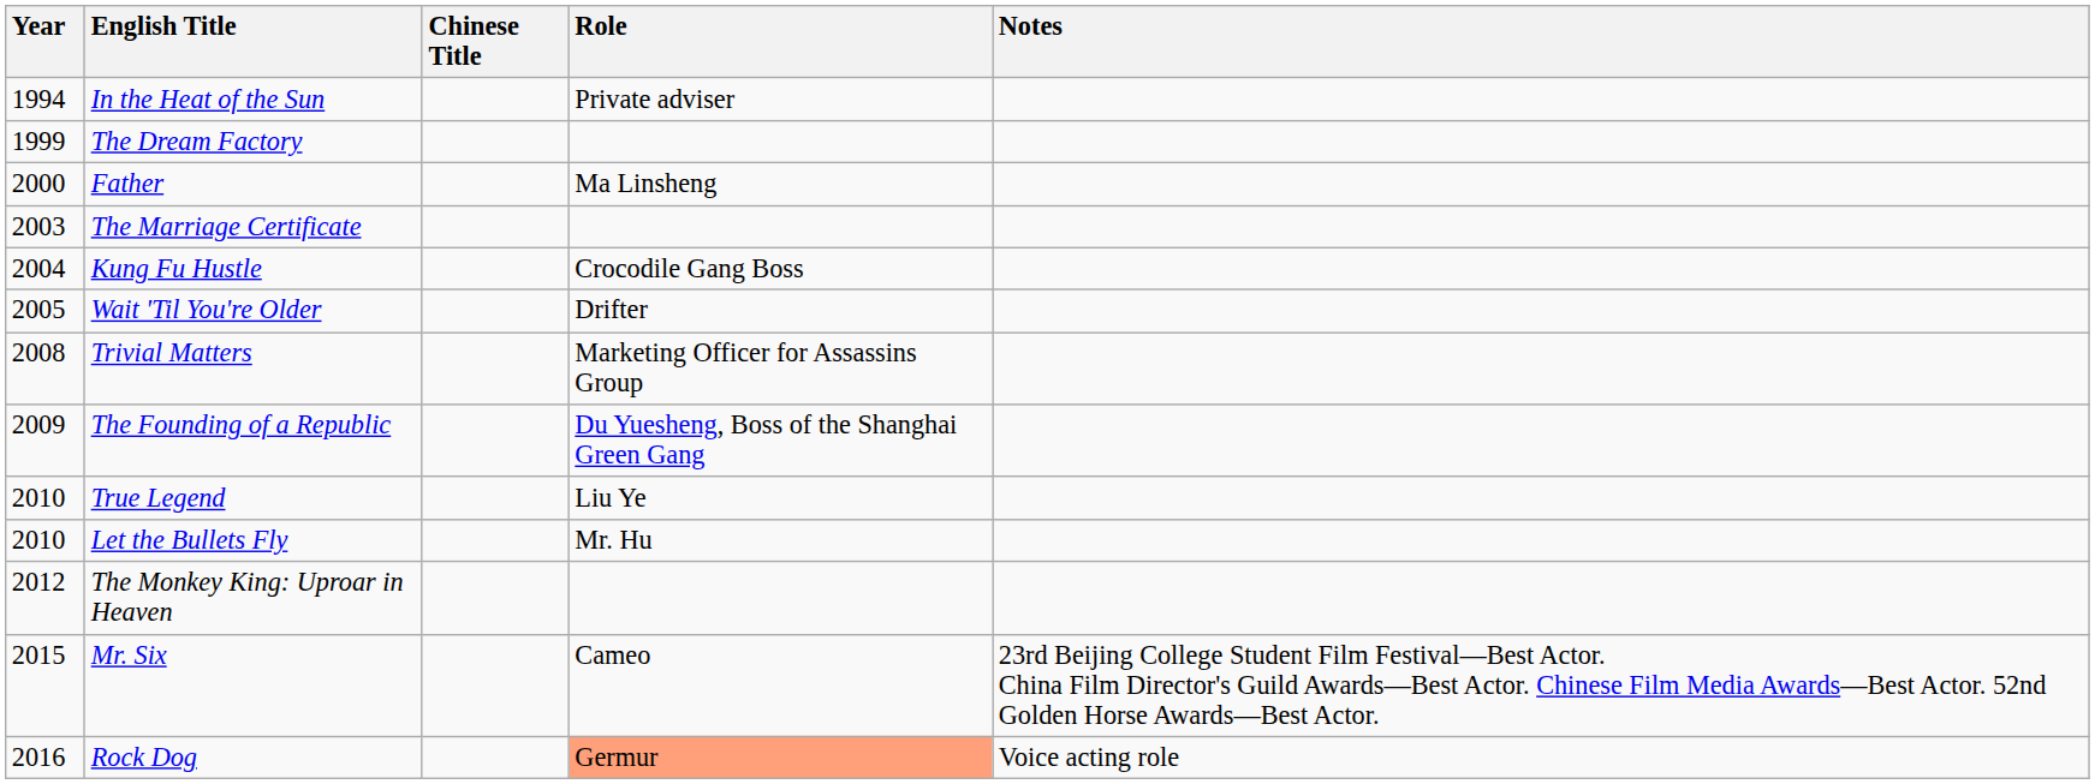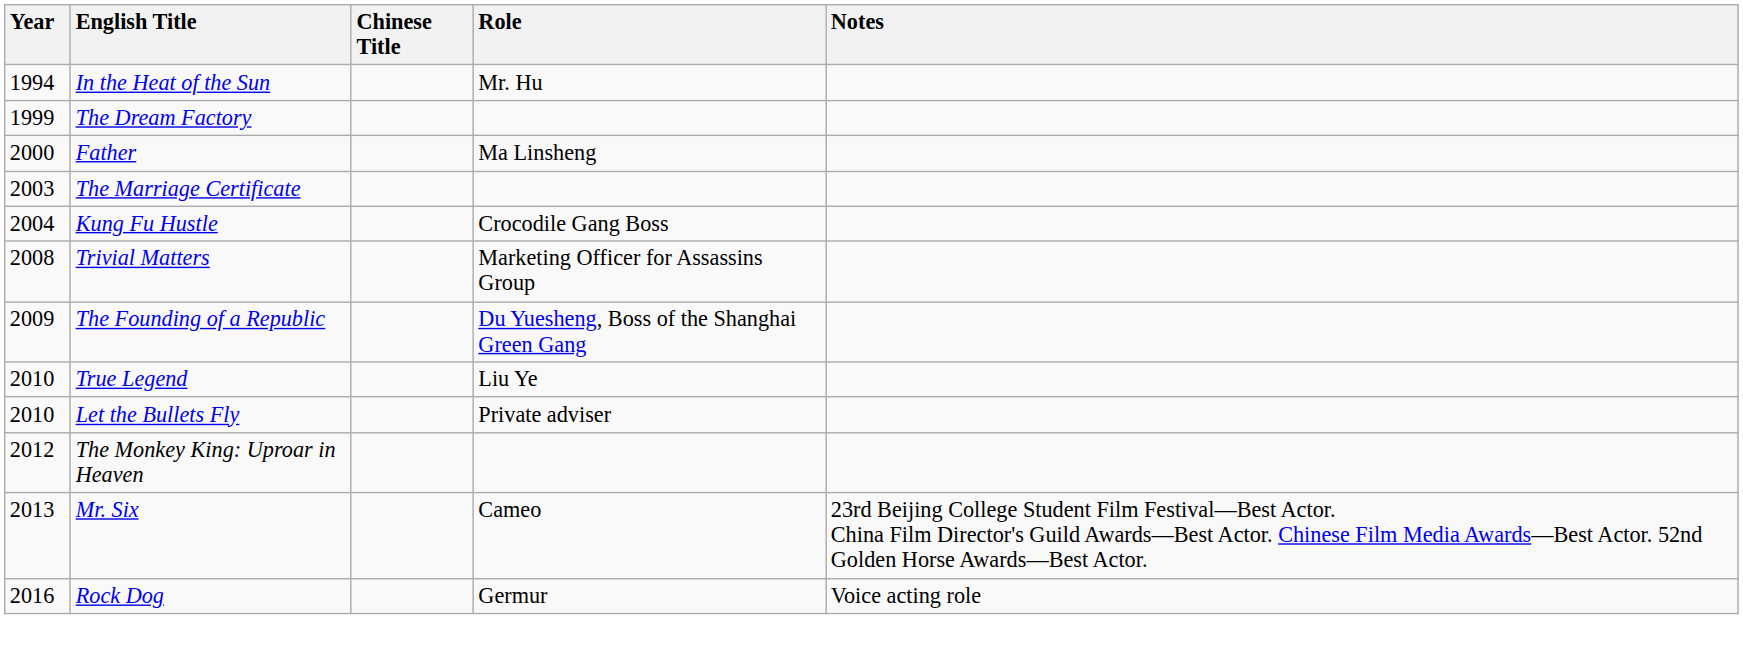 <table class="wikitable">
 <tr>
 <th style="vertical-align:top; text-align:left; width:40px;">Year</th>
 <th style="text-align:left; vertical-align:top;">English Title</th>
 <th style="text-align:left; vertical-align:top;">Chinese Title</th>
 <th style="text-align:left; vertical-align:top;">Role</th>
 <th style="text-align:left; vertical-align:top;">Notes</th>
 </tr>
 <tr>
 <td style="text-align:left; vertical-align:top;">1994</td>
 <td style="text-align:left; vertical-align:top;"><em><a href='#'>In the Heat of the Sun</a></em></td>
 <td style="text-align:left; vertical-align:top;"></td>
-<td style="text-align:left; vertical-align:top;">Private adviser</td>
+<td style="text-align:left; vertical-align:top;">Mr. Hu</td>
 <td style="text-align:left; vertical-align:top;"></td>
 </tr>
 <tr>
 <td style="text-align:left; vertical-align:top;">1999</td>
 <td style="text-align:left; vertical-align:top;"><em><a href='#'>The Dream Factory</a></em></td>
 <td style="text-align:left; vertical-align:top;"></td>
 <td style="text-align:left; vertical-align:top;"></td>
 <td style="text-align:left; vertical-align:top;"></td>
 </tr>
 <tr>
 <td style="text-align:left; vertical-align:top;">2000</td>
 <td style="text-align:left; vertical-align:top;"><em><a href='#'>Father</a></em></td>
 <td style="text-align:left; vertical-align:top;"></td>
 <td style="text-align:left; vertical-align:top;">Ma Linsheng</td>
 <td style="text-align:left; vertical-align:top;"></td>
 </tr>
 <tr>
 <td style="text-align:left; vertical-align:top;">2003</td>
 <td style="text-align:left; vertical-align:top;"><em><a href='#'>The Marriage Certificate</a></em></td>
 <td style="text-align:left; vertical-align:top;"></td>
 <td style="text-align:left; vertical-align:top;"></td>
 <td style="text-align:left; vertical-align:top;"></td>
 </tr>
 <tr>
 <td style="text-align:left; vertical-align:top;">2004</td>
 <td style="text-align:left; vertical-align:top;"><em><a href='#'>Kung Fu Hustle</a></em></td>
 <td style="text-align:left; vertical-align:top;"></td>
 <td style="text-align:left; vertical-align:top;">Crocodile Gang Boss</td>
 <td style="text-align:left; vertical-align:top;"></td>
 </tr>
 <tr>
-<td style="text-align:left; vertical-align:top;">2005</td>
-<td style="text-align:left; vertical-align:top;"><em><a href='#'>Wait 'Til You're Older</a></em></td>
-<td style="text-align:left; vertical-align:top;"></td>
-<td style="text-align:left; vertical-align:top;">Drifter</td>
-<td style="text-align:left; vertical-align:top;"></td>
-</tr>
-<tr>
 <td style="text-align:left; vertical-align:top;">2008</td>
 <td style="text-align:left; vertical-align:top;"><em><a href='#'>Trivial Matters</a></em></td>
 <td style="text-align:left; vertical-align:top;"></td>
 <td style="text-align:left; vertical-align:top;">Marketing Officer for Assassins Group</td>
 <td style="text-align:left; vertical-align:top;"></td>
 </tr>
 <tr>
 <td style="text-align:left; vertical-align:top;">2009</td>
 <td style="text-align:left; vertical-align:top;"><em><a href='#'>The Founding of a Republic</a></em></td>
 <td style="text-align:left; vertical-align:top;"></td>
 <td style="text-align:left; vertical-align:top;"><a href='#'>Du Yuesheng</a>, Boss of the Shanghai <a href='#'>Green Gang</a></td>
 <td style="text-align:left; vertical-align:top;"></td>
 </tr>
 <tr>
 <td style="text-align:left; vertical-align:top;">2010</td>
 <td style="text-align:left; vertical-align:top;"><em><a href='#'>True Legend</a></em></td>
 <td style="text-align:left; vertical-align:top;"></td>
 <td style="text-align:left; vertical-align:top;">Liu Ye</td>
 <td style="text-align:left; vertical-align:top;"></td>
 </tr>
 <tr>
 <td style="text-align:left; vertical-align:top;">2010</td>
 <td style="text-align:left; vertical-align:top;"><em><a href='#'>Let the Bullets Fly</a></em></td>
 <td style="text-align:left; vertical-align:top;"></td>
-<td style="text-align:left; vertical-align:top;">Mr. Hu</td>
+<td style="text-align:left; vertical-align:top;">Private adviser</td>
 <td style="text-align:left; vertical-align:top;"></td>
 </tr>
 <tr>
 <td style="text-align:left; vertical-align:top;">2012</td>
 <td style="text-align:left; vertical-align:top;"><em>The Monkey King: Uproar in Heaven</em></td>
 <td style="text-align:left; vertical-align:top;"></td>
 <td style="text-align:left; vertical-align:top;"></td>
 <td style="text-align:left; vertical-align:top;"></td>
 </tr>
 <tr>
-<td style="text-align:left; vertical-align:top;">2015</td>
+<td style="text-align:left; vertical-align:top;">2013</td>
 <td style="text-align:left; vertical-align:top;"><em><a href='#'>Mr. Six</a></em></td>
 <td style="text-align:left; vertical-align:top;"></td>
 <td style="text-align:left; vertical-align:top;">Cameo</td>
 <td style="text-align:left; vertical-align:top;">23rd Beijing College Student Film Festival—Best Actor.<br>China Film Director's Guild Awards—Best Actor. <a href='#'>Chinese Film Media Awards</a>—Best Actor. 52nd Golden Horse Awards—Best Actor.</td>
 </tr>
 <tr>
 <td style="text-align:left; vertical-align:top;">2016</td>
 <td style="text-align:left; vertical-align:top;"><em><a href='#'>Rock Dog</a></em></td>
 <td style="text-align:left; vertical-align:top;"></td>
-<td style="background: lightsalmon; text-align:left; vertical-align:top;">Germur</td>
+<td style="text-align:left; vertical-align:top;">Germur</td>
 <td style="text-align:left; vertical-align:top;">Voice acting role</td>
 </tr>
 </table>
